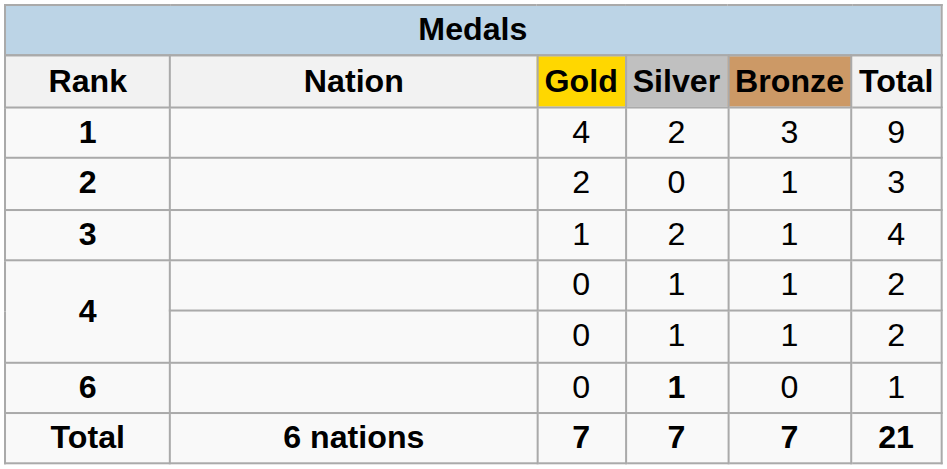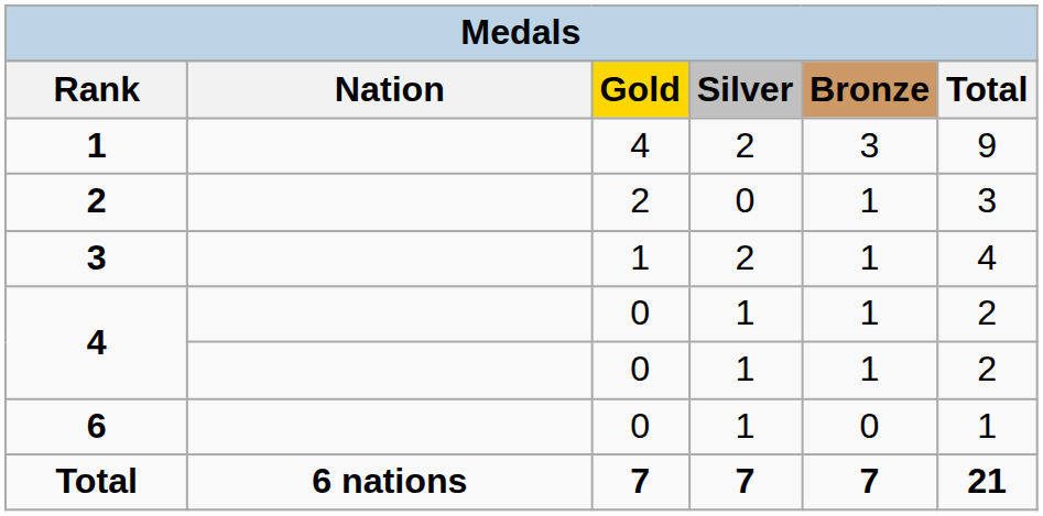 <table class=wikitable style=text-align:center>
 <tr>
 <td colspan=6 style="background:#BCD4E6"><strong>Medals</strong></td>
 </tr>
 <tr>
 </tr>
 <tr style="background-color:#EDEDED;">
 <th width=75px class="hintergrundfarbe5">Rank</th>
 <th width=175px class="hintergrundfarbe6">Nation</th>
 <th width=35px style="background:gold">Gold</th>
 <th width=35px style="background:silver">Silver</th>
 <th width=35px style="background:#CC9966">Bronze</th>
 <th width=35px>Total</th>
 </tr>
 <tr>
 <td><strong>1</strong></td>
 <td style="text-align:left"></td>
 <td>4</td>
 <td>2</td>
 <td>3</td>
 <td>9</td>
 </tr>
 <tr>
 <td><strong>2</strong></td>
 <td style="text-align:left"></td>
 <td>2</td>
 <td>0</td>
 <td>1</td>
 <td>3</td>
 </tr>
 <tr>
 <td><strong>3</strong></td>
 <td style="text-align:left"></td>
 <td>1</td>
 <td>2</td>
 <td>1</td>
 <td>4</td>
 </tr>
 <tr>
 <td rowspan="2"><strong>4</strong></td>
 <td style="text-align:left"></td>
 <td>0</td>
 <td>1</td>
 <td>1</td>
 <td>2</td>
 </tr>
 <tr>
 <td style="text-align:left"></td>
 <td>0</td>
 <td>1</td>
 <td>1</td>
 <td>2</td>
 </tr>
 <tr>
 <td><strong>6</strong></td>
 <td style="text-align:left"></td>
 <td>0</td>
-<td><strong>1</strong></td>
+<td>1</td>
 <td>0</td>
 <td>1</td>
 </tr>
 <tr>
 <td><strong>Total</strong></td>
 <td><strong>6 nations</strong></td>
 <td><strong>7</strong></td>
 <td><strong>7</strong></td>
 <td><strong>7</strong></td>
 <td><strong>21</strong></td>
 </tr>
 </table>
